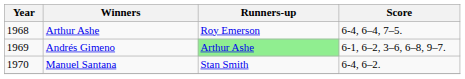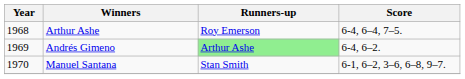 <table class="wikitable">
 <tr>
 <th style="width:50px">Year</th>
 <th style="width:220px">Winners</th>
 <th style="width:200px">Runners-up</th>
 <th style="width:170px" class="unsortable">Score</th>
 </tr>
 <tr>
 <td>1968</td>
 <td> <a href='#'>Arthur Ashe</a></td>
 <td> <a href='#'>Roy Emerson</a></td>
 <td>6-4, 6–4, 7–5.</td>
 </tr>
 <tr>
 <td>1969</td>
 <td> <a href='#'>Andrés Gimeno</a></td>
 <td style="background: lightgreen;"> <a href='#'>Arthur Ashe</a></td>
-<td>6-1, 6–2, 3–6, 6–8, 9–7.</td>
+<td>6-4, 6–2.</td>
 </tr>
 <tr>
 <td>1970</td>
 <td> <a href='#'>Manuel Santana</a></td>
 <td> <a href='#'>Stan Smith</a></td>
-<td>6-4, 6–2.</td>
+<td>6-1, 6–2, 3–6, 6–8, 9–7.</td>
 </tr>
 <tr>
 </tr>
 </table>
